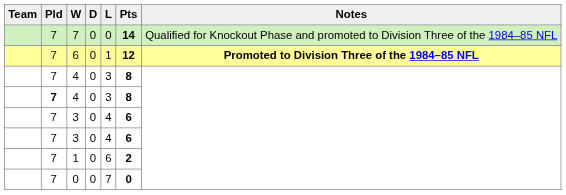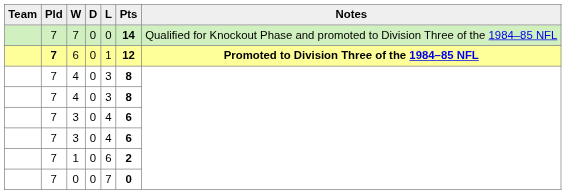 <table style=border-collapse:collapse border=1 cellspacing=0 cellpadding=5>
 <tr align=center bgcolor=#efefef>
 <th>Team</th>
 <th>Pld</th>
 <th>W</th>
 <th>D</th>
 <th>L</th>
 <th>Pts</th>
 <th>Notes</th>
 </tr>
 <tr align=center style="background:#D0F0C0;">
 <td style="text-align:left;"> </td>
 <td>7</td>
 <td>7</td>
 <td>0</td>
 <td>0</td>
 <td><strong>14</strong></td>
 <td rowspan=1>Qualified for Knockout Phase and promoted to Division Three of the <a href='#'>1984–85 NFL</a></td>
 </tr>
 <tr align=center style="background:#FFFF99;">
 <td style="text-align:left;"> </td>
-<td>7</td>
+<td><strong>7</strong></td>
 <td>6</td>
 <td>0</td>
 <td>1</td>
 <td><strong>12</strong></td>
 <td><strong>Promoted to Division Three of the <a href='#'>1984–85 NFL</a></strong></td>
 </tr>
 <tr align=center style="background:#FFFFFF;">
 <td style="text-align:left;"> </td>
 <td>7</td>
 <td>4</td>
 <td>0</td>
 <td>3</td>
 <td><strong>8</strong></td>
 <td rowspan=6></td>
 </tr>
 <tr align=center style="background:#FFFFFF;">
 <td style="text-align:left;"> </td>
-<td><strong>7</strong></td>
+<td>7</td>
 <td>4</td>
 <td>0</td>
 <td>3</td>
 <td><strong>8</strong></td>
 </tr>
 <tr align=center style="background:#FFFFFF;">
 <td style="text-align:left;"> </td>
 <td>7</td>
 <td>3</td>
 <td>0</td>
 <td>4</td>
 <td><strong>6</strong></td>
 </tr>
 <tr align=center style="background:#FFFFFF;">
 <td style="text-align:left;"> </td>
 <td>7</td>
 <td>3</td>
 <td>0</td>
 <td>4</td>
 <td><strong>6</strong></td>
 </tr>
 <tr align=center style="background:#FFFFFF;">
 <td style="text-align:left;"> </td>
 <td>7</td>
 <td>1</td>
 <td>0</td>
 <td>6</td>
 <td><strong>2</strong></td>
 </tr>
 <tr align=center style="background:#FFFFFF;">
 <td style="text-align:left;"> </td>
 <td>7</td>
 <td>0</td>
 <td>0</td>
 <td>7</td>
 <td><strong>0</strong></td>
 </tr>
 </table>
